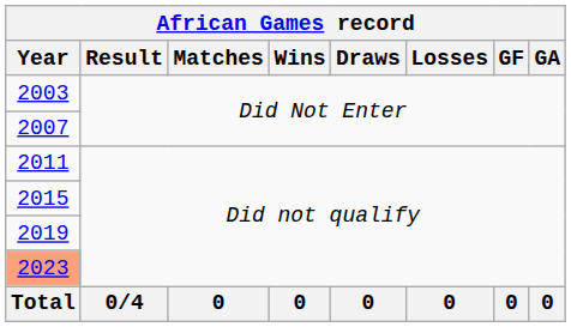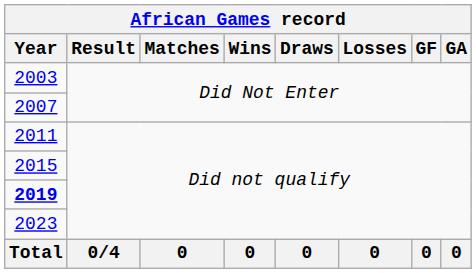 <table class="wikitable" style="text-align: center;">
 <tr>
 <th colspan=8><a href='#'>African Games</a> record</th>
 </tr>
 <tr>
 <th>Year</th>
 <th>Result</th>
 <th>Matches</th>
 <th>Wins</th>
 <th>Draws</th>
 <th>Losses</th>
 <th>GF</th>
 <th>GA</th>
 </tr>
 <tr>
 <td> <a href='#'>2003</a></td>
 <td rowspan=2 colspan=8><em>Did Not Enter</em></td>
 </tr>
 <tr>
 <td> <a href='#'>2007</a></td>
 </tr>
 <tr>
 <td> <a href='#'>2011</a></td>
 <td colspan=8 rowspan=4><em>Did not qualify</em></td>
 </tr>
 <tr>
 <td> <a href='#'>2015</a></td>
 </tr>
 <tr>
-<td> <a href='#'>2019</a></td>
+<td><strong> <a href='#'>2019</a></strong></td>
 </tr>
 <tr>
-<td style="background: lightsalmon;"> <a href='#'>2023</a></td>
+<td> <a href='#'>2023</a></td>
 </tr>
 <tr>
 <th>Total</th>
 <th>0/4</th>
 <th>0</th>
 <th>0</th>
 <th>0</th>
 <th>0</th>
 <th>0</th>
 <th>0</th>
 </tr>
 </table>
